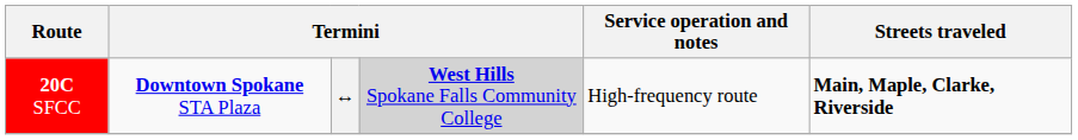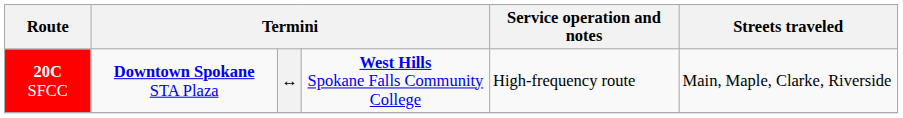 <table class=wikitable style="font-size: 100%">
 <tr>
 <th width="100px">Route</th>
 <th colspan=3>Termini</th>
 <th width="250px">Service operation and notes</th>
 <th width="300px">Streets traveled</th>
 </tr>
 <tr>
 <td style="background:red; color:white" align="center" valign=center><div><strong>20C</strong><br>SFCC</div></td>
 <td ! width="240px" align="center"><strong><a href='#'>Downtown Spokane</a></strong> <br><a href='#'>STA Plaza</a><br></td>
 <th><span>↔</span></th>
-<td ! width="240px" align="center" style="background: lightgrey;"><strong><a href='#'>West Hills</a></strong><br><a href='#'>Spokane Falls Community College</a><br></td>
+<td ! width="240px" align="center"><strong><a href='#'>West Hills</a></strong><br><a href='#'>Spokane Falls Community College</a><br></td>
 <td>High-frequency route</td>
-<td><strong>Main, Maple, Clarke, Riverside</strong></td>
+<td>Main, Maple, Clarke, Riverside</td>
 </tr>
 <tr>
 </tr>
 </table>
